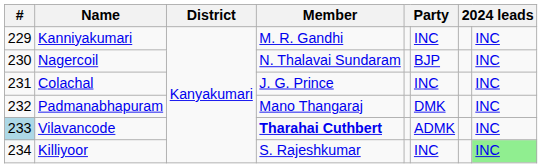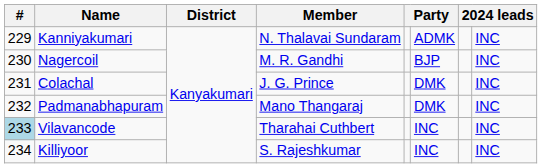 <table class="wikitable">
 <tr>
 <th>#</th>
 <th>Name</th>
 <th>District</th>
 <th>Member</th>
 <th colspan="2">Party</th>
 <th Colspan="2">2024 leads</th>
 </tr>
 <tr>
 <td>229</td>
 <td><a href='#'>Kanniyakumari</a></td>
 <td rowspan="6"><a href='#'>Kanyakumari</a></td>
-<td><a href='#'>M. R. Gandhi</a></td>
+<td><a href='#'>N. Thalavai Sundaram</a></td>
 <td style="background-color:"></td>
-<td><a href='#'>INC</a></td>
+<td><a href='#'>ADMK</a></td>
 <td style="background-color:"></td>
 <td><a href='#'>INC</a></td>
 </tr>
 <tr>
 <td>230</td>
 <td><a href='#'>Nagercoil</a></td>
-<td><a href='#'>N. Thalavai Sundaram</a></td>
+<td><a href='#'>M. R. Gandhi</a></td>
 <td style="background-color:"></td>
 <td><a href='#'>BJP</a></td>
 <td style="background-color:"></td>
 <td><a href='#'>INC</a></td>
 </tr>
 <tr>
 <td>231</td>
 <td><a href='#'>Colachal</a></td>
 <td><a href='#'>J. G. Prince</a></td>
 <td style="background-color:"></td>
-<td><a href='#'>INC</a></td>
+<td><a href='#'>DMK</a></td>
 <td style="background-color:"></td>
 <td><a href='#'>INC</a></td>
 </tr>
 <tr>
 <td>232</td>
 <td><a href='#'>Padmanabhapuram</a></td>
 <td><a href='#'>Mano Thangaraj</a></td>
 <td style="background-color:"></td>
 <td><a href='#'>DMK</a></td>
 <td style="background-color:"></td>
 <td><a href='#'>INC</a></td>
 </tr>
 <tr>
 <td style="background: lightblue;">233</td>
 <td><a href='#'>Vilavancode</a></td>
-<td><strong><a href='#'>Tharahai Cuthbert</a></strong></td>
+<td><a href='#'>Tharahai Cuthbert</a></td>
 <td style="background-color:"></td>
-<td><a href='#'>ADMK</a></td>
+<td><a href='#'>INC</a></td>
 <td style="background-color:"></td>
 <td><a href='#'>INC</a></td>
 </tr>
 <tr>
 <td>234</td>
 <td><a href='#'>Killiyoor</a></td>
 <td><a href='#'>S. Rajeshkumar</a></td>
 <td style="background-color:"></td>
 <td><a href='#'>INC</a></td>
 <td style="background-color:"></td>
-<td style="background: lightgreen;"><a href='#'>INC</a></td>
+<td><a href='#'>INC</a></td>
 </tr>
 </table>
